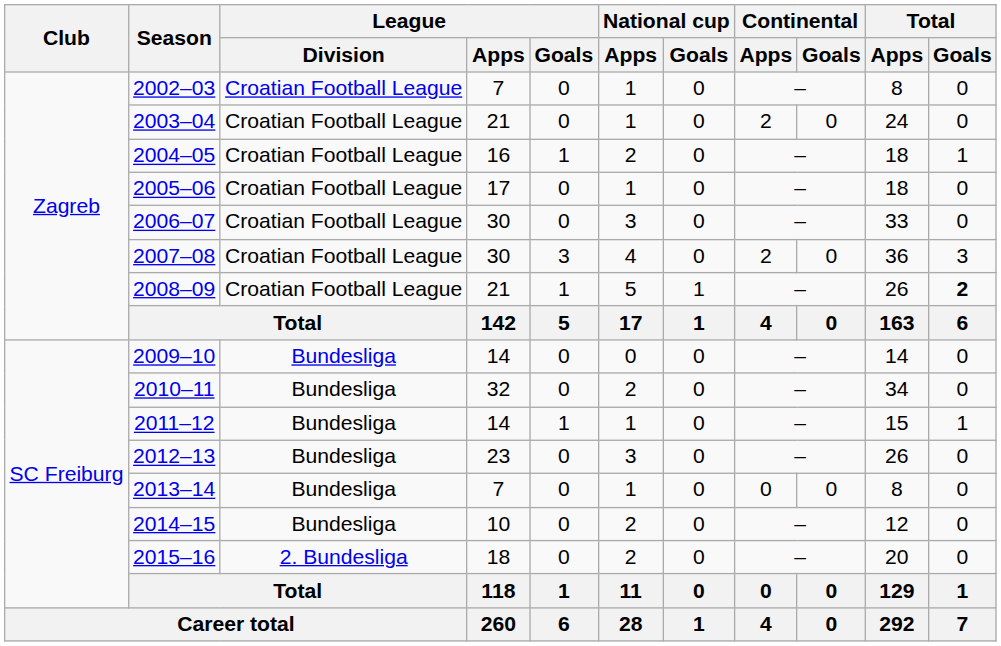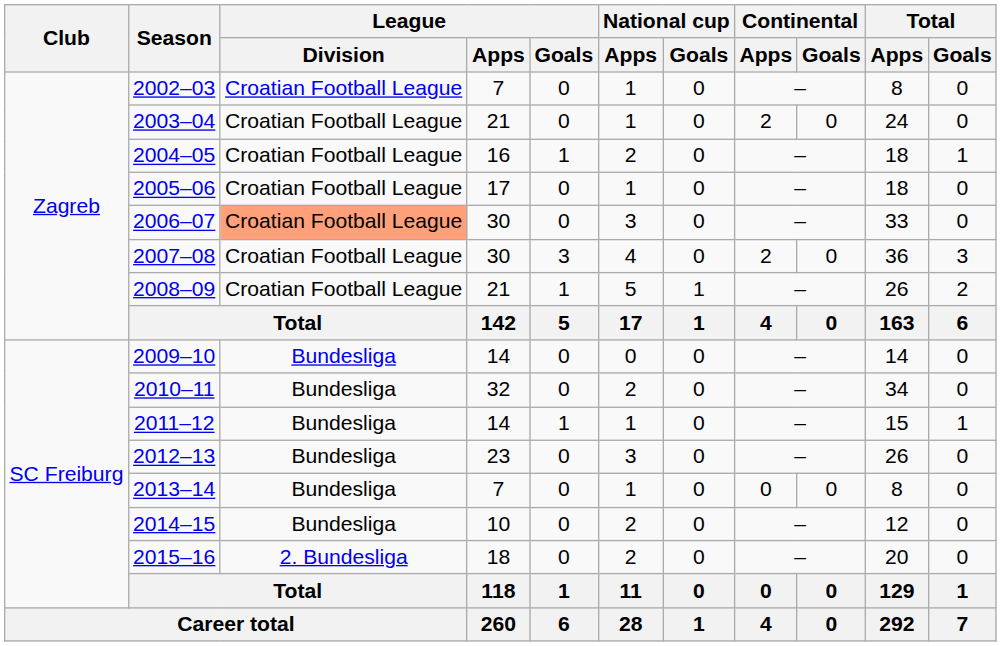 <table class="wikitable" style="text-align:center">
 <tr>
 <th rowspan=2>Club</th>
 <th rowspan=2>Season</th>
 <th colspan=3>League</th>
 <th colspan=2>National cup</th>
 <th colspan=2>Continental</th>
 <th colspan=2>Total</th>
 </tr>
 <tr>
 <th>Division</th>
 <th>Apps</th>
 <th>Goals</th>
 <th>Apps</th>
 <th>Goals</th>
 <th>Apps</th>
 <th>Goals</th>
 <th>Apps</th>
 <th>Goals</th>
 </tr>
 <tr>
 <td rowspan=8><a href='#'>Zagreb</a></td>
 <td><a href='#'>2002–03</a></td>
 <td><a href='#'>Croatian Football League</a></td>
 <td>7</td>
 <td>0</td>
 <td>1</td>
 <td>0</td>
 <td colspan=2>–</td>
 <td>8</td>
 <td>0</td>
 </tr>
 <tr>
 <td><a href='#'>2003–04</a></td>
 <td>Croatian Football League</td>
 <td>21</td>
 <td>0</td>
 <td>1</td>
 <td>0</td>
 <td>2</td>
 <td>0</td>
 <td>24</td>
 <td>0</td>
 </tr>
 <tr>
 <td><a href='#'>2004–05</a></td>
 <td>Croatian Football League</td>
 <td>16</td>
 <td>1</td>
 <td>2</td>
 <td>0</td>
 <td colspan=2>–</td>
 <td>18</td>
 <td>1</td>
 </tr>
 <tr>
 <td><a href='#'>2005–06</a></td>
 <td>Croatian Football League</td>
 <td>17</td>
 <td>0</td>
 <td>1</td>
 <td>0</td>
 <td colspan=2>–</td>
 <td>18</td>
 <td>0</td>
 </tr>
 <tr>
 <td><a href='#'>2006–07</a></td>
-<td>Croatian Football League</td>
+<td style="background: lightsalmon;">Croatian Football League</td>
 <td>30</td>
 <td>0</td>
 <td>3</td>
 <td>0</td>
 <td colspan=2>–</td>
 <td>33</td>
 <td>0</td>
 </tr>
 <tr>
 <td><a href='#'>2007–08</a></td>
 <td>Croatian Football League</td>
 <td>30</td>
 <td>3</td>
 <td>4</td>
 <td>0</td>
 <td>2</td>
 <td>0</td>
 <td>36</td>
 <td>3</td>
 </tr>
 <tr>
 <td><a href='#'>2008–09</a></td>
 <td>Croatian Football League</td>
 <td>21</td>
 <td>1</td>
 <td>5</td>
 <td>1</td>
 <td colspan=2>–</td>
 <td>26</td>
-<td><strong>2</strong></td>
+<td>2</td>
 </tr>
 <tr>
 <th colspan=2>Total</th>
 <th>142</th>
 <th>5</th>
 <th>17</th>
 <th>1</th>
 <th>4</th>
 <th>0</th>
 <th>163</th>
 <th>6</th>
 </tr>
 <tr>
 <td rowspan=8><a href='#'>SC Freiburg</a></td>
 <td><a href='#'>2009–10</a></td>
 <td><a href='#'>Bundesliga</a></td>
 <td>14</td>
 <td>0</td>
 <td>0</td>
 <td>0</td>
 <td colspan=2>–</td>
 <td>14</td>
 <td>0</td>
 </tr>
 <tr>
 <td><a href='#'>2010–11</a></td>
 <td>Bundesliga</td>
 <td>32</td>
 <td>0</td>
 <td>2</td>
 <td>0</td>
 <td colspan=2>–</td>
 <td>34</td>
 <td>0</td>
 </tr>
 <tr>
 <td><a href='#'>2011–12</a></td>
 <td>Bundesliga</td>
 <td>14</td>
 <td>1</td>
 <td>1</td>
 <td>0</td>
 <td colspan=2>–</td>
 <td>15</td>
 <td>1</td>
 </tr>
 <tr>
 <td><a href='#'>2012–13</a></td>
 <td>Bundesliga</td>
 <td>23</td>
 <td>0</td>
 <td>3</td>
 <td>0</td>
 <td colspan=2>–</td>
 <td>26</td>
 <td>0</td>
 </tr>
 <tr>
 <td><a href='#'>2013–14</a></td>
 <td>Bundesliga</td>
 <td>7</td>
 <td>0</td>
 <td>1</td>
 <td>0</td>
 <td>0</td>
 <td>0</td>
 <td>8</td>
 <td>0</td>
 </tr>
 <tr>
 <td><a href='#'>2014–15</a></td>
 <td>Bundesliga</td>
 <td>10</td>
 <td>0</td>
 <td>2</td>
 <td>0</td>
 <td colspan=2>–</td>
 <td>12</td>
 <td>0</td>
 </tr>
 <tr>
 <td><a href='#'>2015–16</a></td>
 <td><a href='#'>2. Bundesliga</a></td>
 <td>18</td>
 <td>0</td>
 <td>2</td>
 <td>0</td>
 <td colspan=2>–</td>
 <td>20</td>
 <td>0</td>
 </tr>
 <tr>
 <th colspan=2>Total</th>
 <th>118</th>
 <th>1</th>
 <th>11</th>
 <th>0</th>
 <th>0</th>
 <th>0</th>
 <th>129</th>
 <th>1</th>
 </tr>
 <tr>
 <th colspan=3>Career total</th>
 <th>260</th>
 <th>6</th>
 <th>28</th>
 <th>1</th>
 <th>4</th>
 <th>0</th>
 <th>292</th>
 <th>7</th>
 </tr>
 </table>
